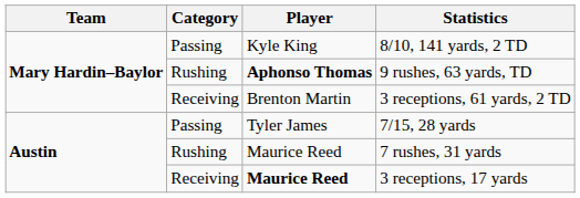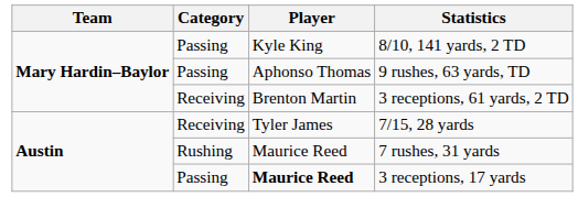 <table class="wikitable" style="float: right;">
 <tr>
 <th>Team</th>
 <th>Category</th>
 <th>Player</th>
 <th>Statistics</th>
 </tr>
 <tr>
 <td rowspan=3><strong>Mary Hardin–Baylor</strong></td>
 <td>Passing</td>
 <td>Kyle King</td>
 <td>8/10, 141 yards, 2 TD</td>
 </tr>
 <tr>
-<td>Rushing</td>
-<td><strong>Aphonso Thomas</strong></td>
+<td>Passing</td>
+<td>Aphonso Thomas</td>
 <td>9 rushes, 63 yards, TD</td>
 </tr>
 <tr>
 <td>Receiving</td>
 <td>Brenton Martin</td>
 <td>3 receptions, 61 yards, 2 TD</td>
 </tr>
 <tr>
 <td rowspan=3><strong>Austin</strong></td>
-<td>Passing</td>
+<td>Receiving</td>
 <td>Tyler James</td>
 <td>7/15, 28 yards</td>
 </tr>
 <tr>
 <td>Rushing</td>
 <td>Maurice Reed</td>
 <td>7 rushes, 31 yards</td>
 </tr>
 <tr>
-<td>Receiving</td>
+<td>Passing</td>
 <td><strong>Maurice Reed</strong></td>
 <td>3 receptions, 17 yards</td>
 </tr>
 </table>
